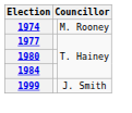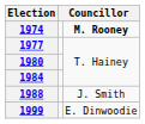 <table class="wikitable" style="text-align:center">
 <tr>
 <th>Election</th>
 <th colspan=2>Councillor</th>
 </tr>
 <tr>
 <th><a href='#'>1974</a></th>
 <td style="background-color: "></td>
-<td>M. Rooney</td>
+<td><strong>M. Rooney</strong></td>
 </tr>
 <tr>
 <th><a href='#'>1977</a></th>
 <td style="background-color: "></td>
 <td rowspan=3>T. Hainey</td>
 </tr>
 <tr>
 <th><a href='#'>1980</a></th>
 <td style="background-color: "></td>
 </tr>
 <tr>
 <th><a href='#'>1984</a></th>
 <td style="background-color: "></td>
 </tr>
 <tr>
-<th><a href='#'>1999</a></th>
+<th><a href='#'>1988</a></th>
 <td style="background-color: "></td>
 <td>J. Smith</td>
 </tr>
+<tr>
+<th><a href='#'>1999</a></th>
+<td style="background-color: "></td>
+<td>E. Dinwoodie</td>
+</tr>
 </table>
